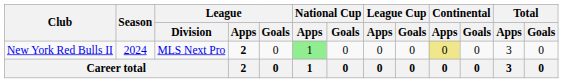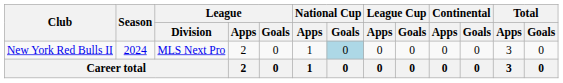 <table class="wikitable" style="text-align:center">
 <tr>
 <th rowspan="2">Club</th>
 <th rowspan="2">Season</th>
 <th colspan="3">League</th>
 <th colspan="2">National Cup </th>
 <th colspan="2">League Cup</th>
 <th colspan="2">Continental</th>
 <th colspan="2">Total</th>
 </tr>
 <tr>
 <th>Division</th>
 <th>Apps</th>
 <th>Goals</th>
 <th>Apps</th>
 <th>Goals</th>
 <th>Apps</th>
 <th>Goals</th>
 <th>Apps</th>
 <th>Goals</th>
 <th>Apps</th>
 <th>Goals</th>
 </tr>
 <tr>
 <td><a href='#'>New York Red Bulls II</a></td>
 <td><a href='#'>2024</a></td>
 <td><a href='#'>MLS Next Pro</a></td>
-<td><strong>2</strong></td>
+<td>2</td>
 <td>0</td>
-<td style="background: lightgreen;">1</td>
+<td>1</td>
+<td style="background: lightblue;">0</td>
 <td>0</td>
 <td>0</td>
 <td>0</td>
-<td style="background: khaki;">0</td>
 <td>0</td>
 <td>3</td>
 <td>0</td>
 </tr>
 <tr>
 <th colspan="3">Career total</th>
 <th>2</th>
 <th>0</th>
 <th>1</th>
 <th>0</th>
 <th>0</th>
 <th>0</th>
 <th>0</th>
 <th>0</th>
 <th>3</th>
 <th>0</th>
 </tr>
 </table>
